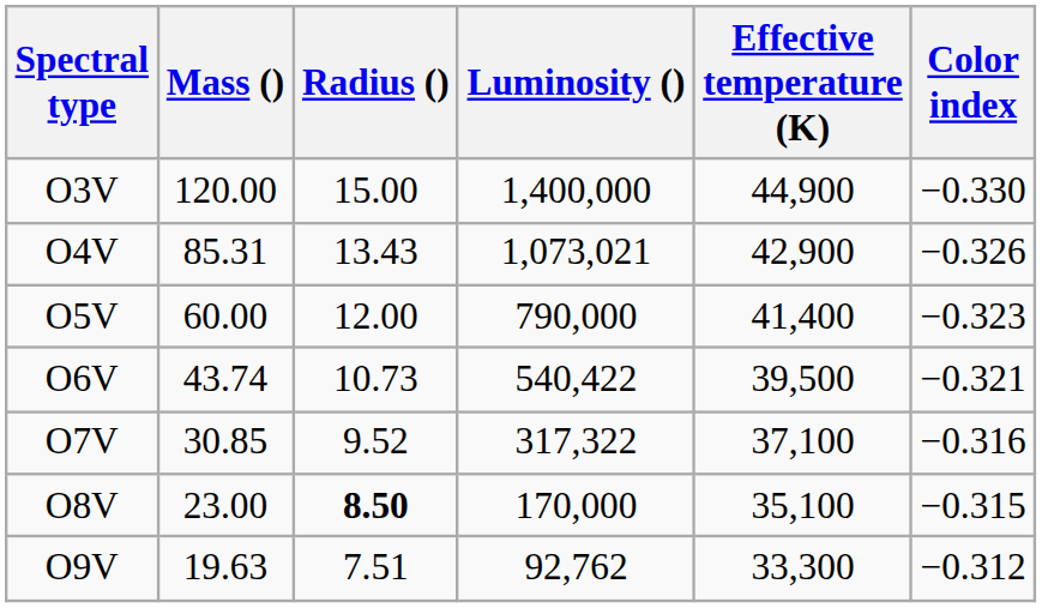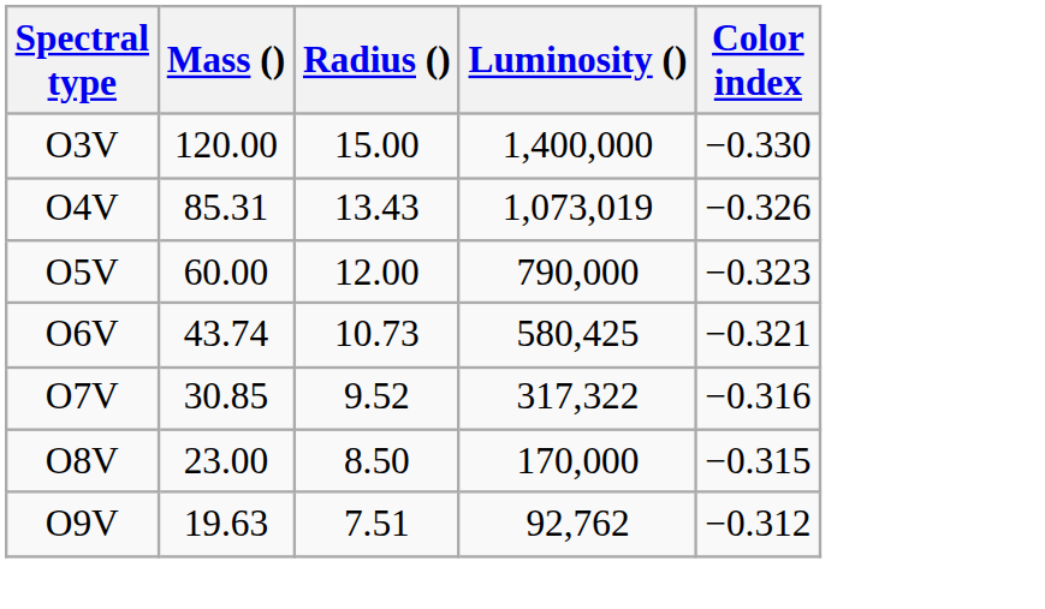 <table class="wikitable floatright" style="text-align:center; font-size:smaller;">
 <tr>
 <th><a href='#'>Spectral<br>type</a></th>
 <th><a href='#'>Mass</a> ()</th>
 <th><a href='#'>Radius</a> ()</th>
 <th><a href='#'>Luminosity</a> ()</th>
-<th><a href='#'>Effective<br>temperature</a><br>(K)</th>
 <th><a href='#'>Color<br>index</a><br></th>
 </tr>
 <tr>
 <td>O3V</td>
 <td>120.00</td>
 <td>15.00</td>
 <td>1,400,000</td>
-<td style="background-color:#">44,900</td>
 <td>−0.330</td>
 </tr>
 <tr>
 <td>O4V</td>
 <td>85.31</td>
 <td>13.43</td>
-<td>1,073,021</td>
-<td style="background-color:#">42,900</td>
+<td>1,073,019</td>
 <td>−0.326</td>
 </tr>
 <tr>
 <td>O5V</td>
 <td>60.00</td>
 <td>12.00</td>
 <td>790,000</td>
-<td style="background-color:#">41,400</td>
 <td>−0.323</td>
 </tr>
 <tr>
 <td>O6V</td>
 <td>43.74</td>
 <td>10.73</td>
-<td>540,422</td>
-<td style="background-color:#">39,500</td>
+<td>580,425</td>
 <td>−0.321</td>
 </tr>
 <tr>
 <td>O7V</td>
 <td>30.85</td>
 <td>9.52</td>
 <td>317,322</td>
-<td style="background-color:#">37,100</td>
 <td>−0.316</td>
 </tr>
 <tr>
 <td>O8V</td>
 <td>23.00</td>
-<td><strong>8.50</strong></td>
+<td>8.50</td>
 <td>170,000</td>
-<td style="background-color:#">35,100</td>
 <td>−0.315</td>
 </tr>
 <tr>
 <td>O9V</td>
 <td>19.63</td>
 <td>7.51</td>
 <td>92,762</td>
-<td style="background-color:#">33,300</td>
 <td>−0.312</td>
 </tr>
 </table>
